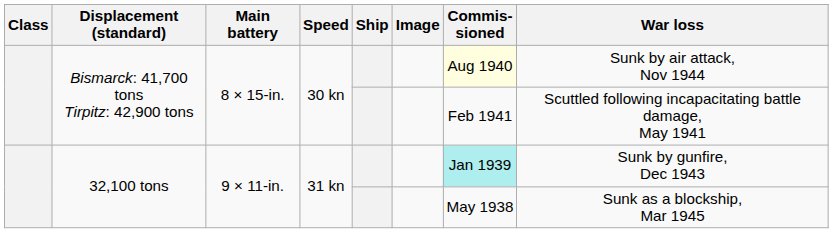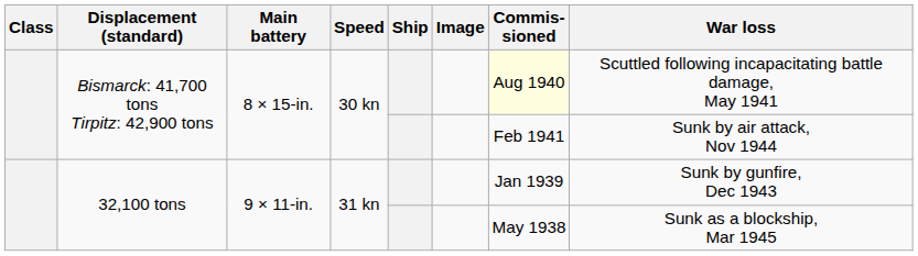 <table class="wikitable">
 <tr>
 <th>Class</th>
 <th>Displacement<br>(standard)</th>
 <th>Main battery</th>
 <th>Speed</th>
 <th>Ship</th>
 <th>Image</th>
 <th>Commis-<br>sioned</th>
 <th>War loss</th>
 </tr>
 <tr>
 <th scope="row" rowspan=2></th>
 <td scope="row" rowspan=2 style="text-align: center"><em>Bismarck</em>: 41,700 tons<br><em>Tirpitz</em>: 42,900 tons</td>
 <td scope="row" rowspan=2 style="text-align: center">8 × 15-in.</td>
 <td scope="row" rowspan=2 style="text-align: center">30 kn</td>
 <th scope="row" style="text-align: center"></th>
 <td></td>
 <td scope="row" style="background: lightyellow; text-align: center">Aug 1940</td>
-<td scope="row" style="text-align: center">Sunk by air attack,<br>Nov 1944</td>
+<td scope="row" style="text-align: center">Scuttled following incapacitating battle damage,<br>May 1941</td>
 </tr>
 <tr>
 <th scope="row" style="text-align: center"></th>
 <td></td>
 <td scope="row" style="text-align: center">Feb 1941</td>
-<td scope="row" style="text-align: center">Scuttled following incapacitating battle damage,<br>May 1941</td>
+<td scope="row" style="text-align: center">Sunk by air attack,<br>Nov 1944</td>
 </tr>
 <tr>
 <th scope="row" rowspan=2></th>
 <td scope="row" rowspan=2 style="text-align: center">32,100 tons</td>
 <td scope="row" rowspan=2 style="text-align: center">9 × 11-in.</td>
 <td scope="row" rowspan=2 style="text-align: center">31 kn</td>
 <th scope="row" style="text-align: center"></th>
 <td></td>
-<td scope="row" style="background: paleturquoise; text-align: center">Jan 1939</td>
+<td scope="row" style="text-align: center">Jan 1939</td>
 <td scope="row" style="text-align: center">Sunk by gunfire,<br>Dec 1943</td>
 </tr>
 <tr>
 <th scope="row" style="text-align: center"></th>
 <td></td>
 <td scope="row" style="text-align: center">May 1938</td>
 <td scope="row" style="text-align: center">Sunk as a blockship,<br>Mar 1945</td>
 </tr>
 </table>
